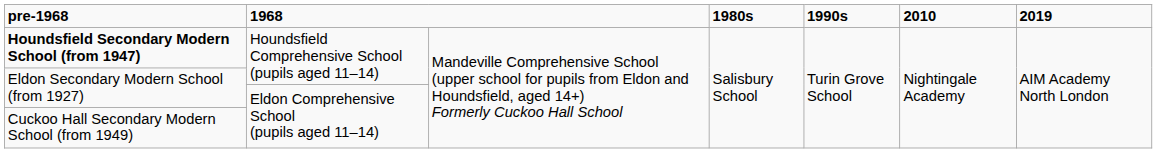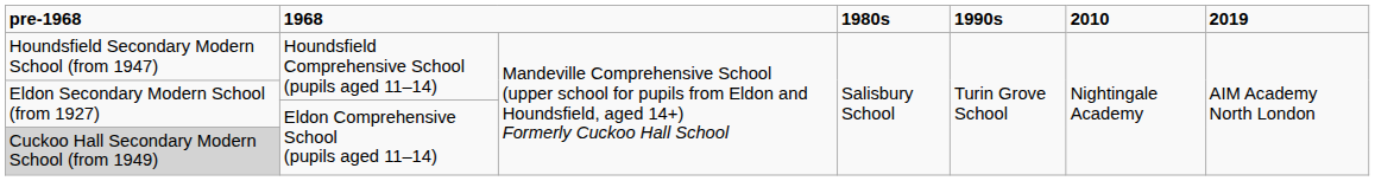 <table class="wikitable">
 <tr>
 <td><strong>pre-1968</strong></td>
 <td colspan="2"><strong>1968</strong></td>
 <td><strong>1980s</strong></td>
 <td><strong>1990s</strong></td>
 <td><strong>2010</strong></td>
 <td><strong>2019</strong></td>
 </tr>
 <tr>
-<td><strong>Houndsfield Secondary Modern School (from 1947)</strong></td>
+<td>Houndsfield Secondary Modern School (from 1947)</td>
 <td rowspan="2">Houndsfield Comprehensive School<br>(pupils aged 11–14)</td>
 <td rowspan="4">Mandeville Comprehensive School<br>(upper school for pupils from Eldon and Houndsfield, aged 14+)<br><em>Formerly Cuckoo Hall School</em></td>
 <td rowspan="4">Salisbury School</td>
 <td rowspan="4">Turin Grove School</td>
 <td rowspan="4">Nightingale Academy</td>
 <td rowspan="4">AIM Academy North London</td>
 </tr>
 <tr>
 <td rowspan="2">Eldon Secondary Modern School (from 1927)</td>
 </tr>
 <tr>
 <td rowspan="2">Eldon Comprehensive School<br>(pupils aged 11–14)</td>
 </tr>
 <tr>
-<td>Cuckoo Hall Secondary Modern School (from 1949)</td>
+<td style="background: lightgrey;">Cuckoo Hall Secondary Modern School (from 1949)</td>
 </tr>
 </table>
